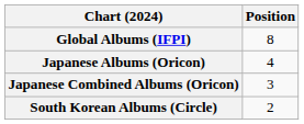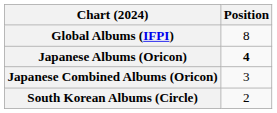 <table class="wikitable sortable plainrowheaders" style="text-align:center">
 <tr>
 <th scope="col">Chart (2024)</th>
 <th scope="col">Position</th>
 </tr>
 <tr>
 <th scope="row">Global Albums (<a href='#'>IFPI</a>)</th>
 <td>8</td>
 </tr>
 <tr>
 <th scope="row">Japanese Albums (Oricon)</th>
-<td>4</td>
+<td><strong>4</strong></td>
 </tr>
 <tr>
 <th scope="row">Japanese Combined Albums (Oricon)</th>
 <td>3</td>
 </tr>
 <tr>
 <th scope="row">South Korean Albums (Circle)</th>
 <td>2</td>
 </tr>
 </table>
